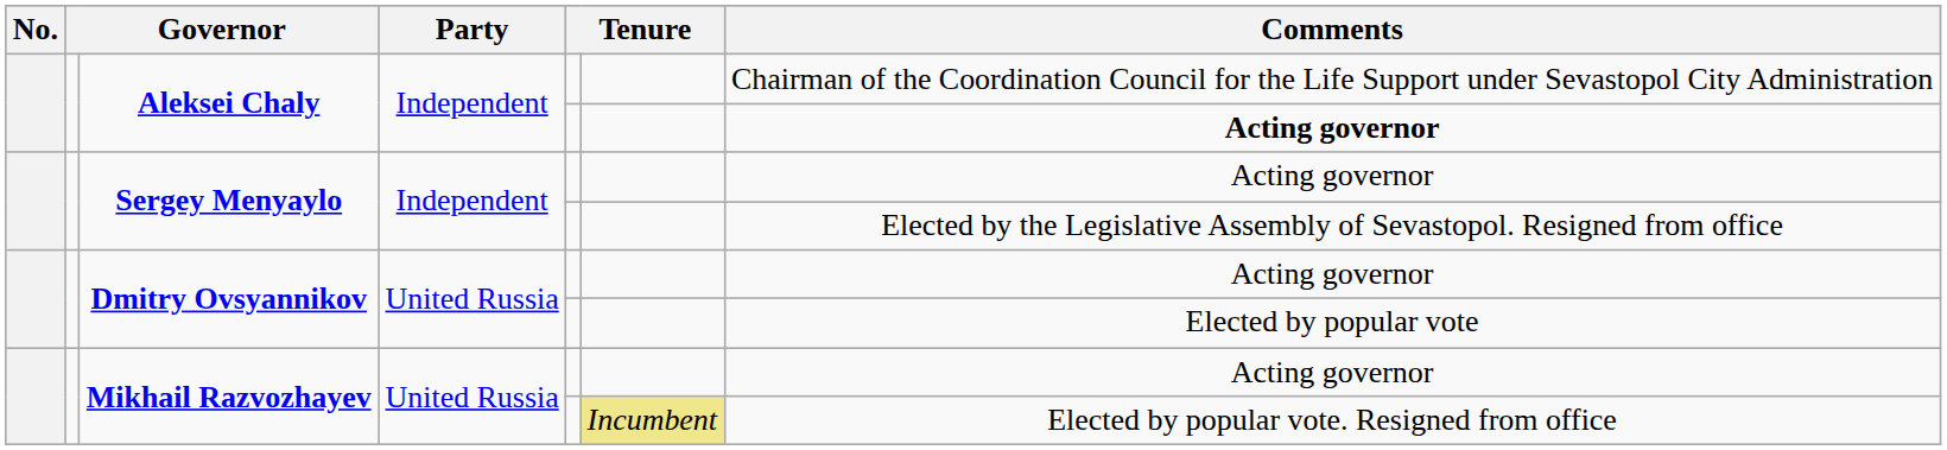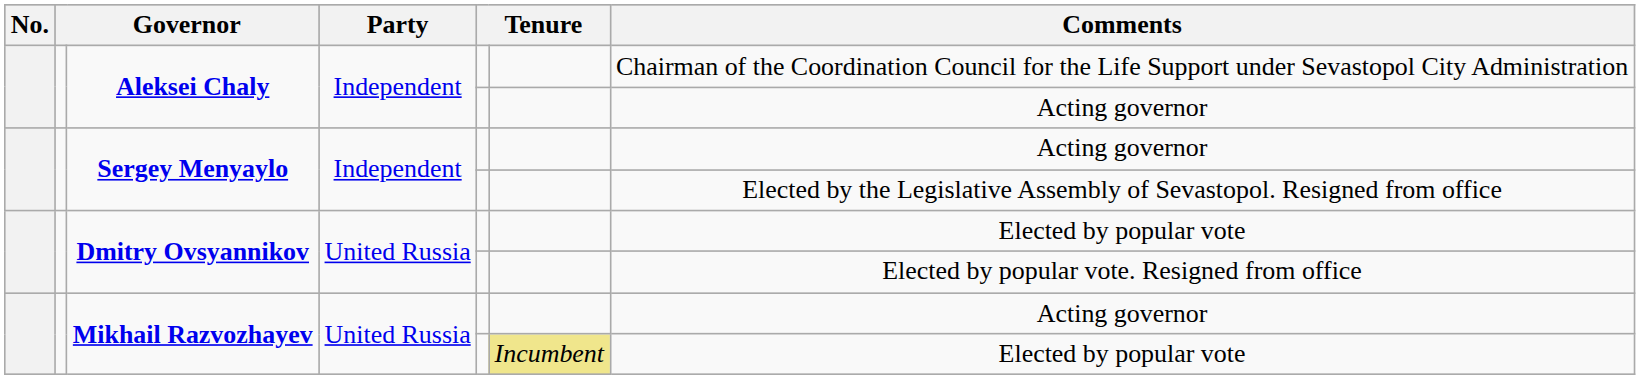 <table class="wikitable" style="text-align:center">
 <tr style="background:#cccccc" bgcolor=#E6E6AA>
 <th>No.</th>
 <th colspan=2>Governor</th>
 <th>Party</th>
 <th colspan=2>Tenure</th>
 <th>Comments</th>
 </tr>
 <tr>
 <th rowspan=2 style="background:"></th>
 <td rowspan=2></td>
 <td rowspan=2><strong><a href='#'>Aleksei Chaly</a></strong><br></td>
 <td rowspan=2><a href='#'>Independent</a></td>
 <td></td>
 <td></td>
 <td>Chairman of the Coordination Council for the Life Support under Sevastopol City Administration</td>
 </tr>
 <tr>
 <td></td>
 <td></td>
-<td><strong>Acting governor</strong></td>
+<td>Acting governor</td>
 </tr>
 <tr>
 <th rowspan=2 style="background:"></th>
 <td rowspan=2></td>
 <td rowspan=2><strong><a href='#'>Sergey Menyaylo</a></strong><br></td>
 <td rowspan=2><a href='#'>Independent</a></td>
 <td></td>
 <td></td>
 <td>Acting governor</td>
 </tr>
 <tr>
 <td></td>
 <td></td>
 <td>Elected by the Legislative Assembly of Sevastopol. Resigned from office</td>
 </tr>
 <tr>
 <th rowspan=2 style="background:"></th>
 <td rowspan=2></td>
 <td rowspan=2><strong><a href='#'>Dmitry Ovsyannikov</a></strong><br></td>
 <td rowspan=2><a href='#'>United Russia</a></td>
 <td></td>
 <td></td>
-<td>Acting governor</td>
+<td>Elected by popular vote</td>
 </tr>
 <tr>
 <td></td>
 <td></td>
-<td>Elected by popular vote</td>
+<td>Elected by popular vote. Resigned from office</td>
 </tr>
 <tr>
 <th rowspan=2 style="background:"></th>
 <td rowspan=2></td>
 <td rowspan=2><strong><a href='#'>Mikhail Razvozhayev</a></strong><br></td>
 <td rowspan=2><a href='#'>United Russia</a></td>
 <td></td>
 <td></td>
 <td>Acting governor</td>
 </tr>
 <tr>
 <td></td>
 <td style="background: khaki;"><em>Incumbent</em></td>
-<td>Elected by popular vote. Resigned from office</td>
+<td>Elected by popular vote</td>
 </tr>
 </table>
